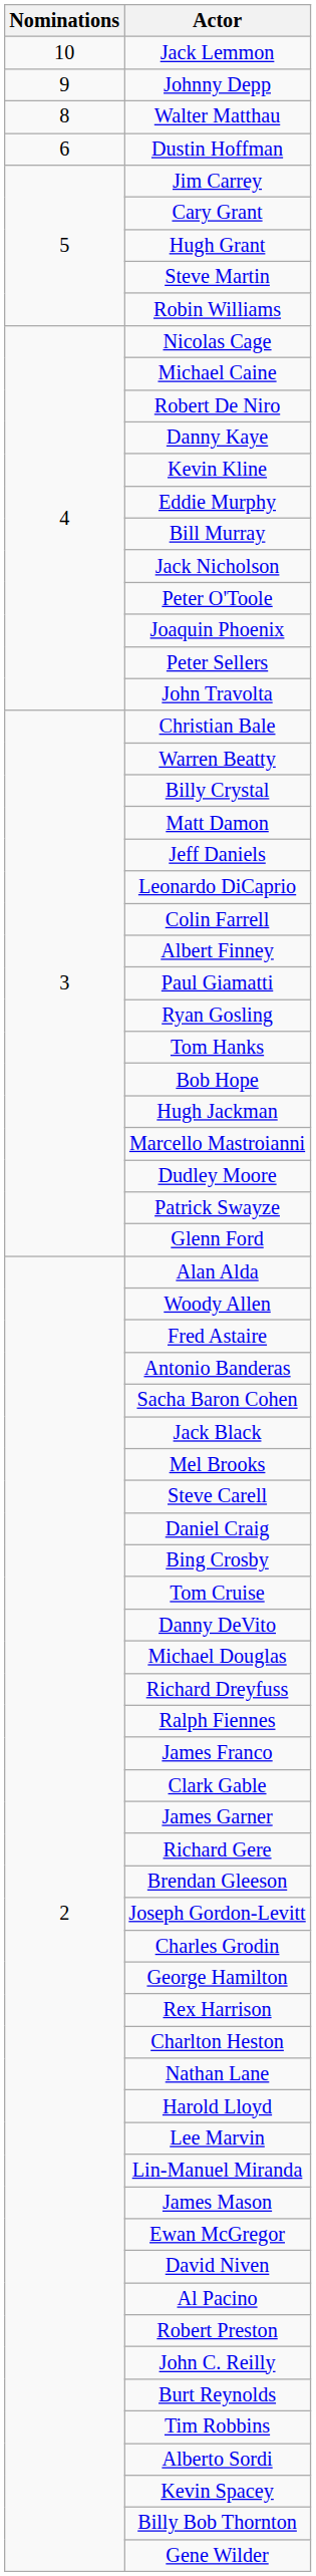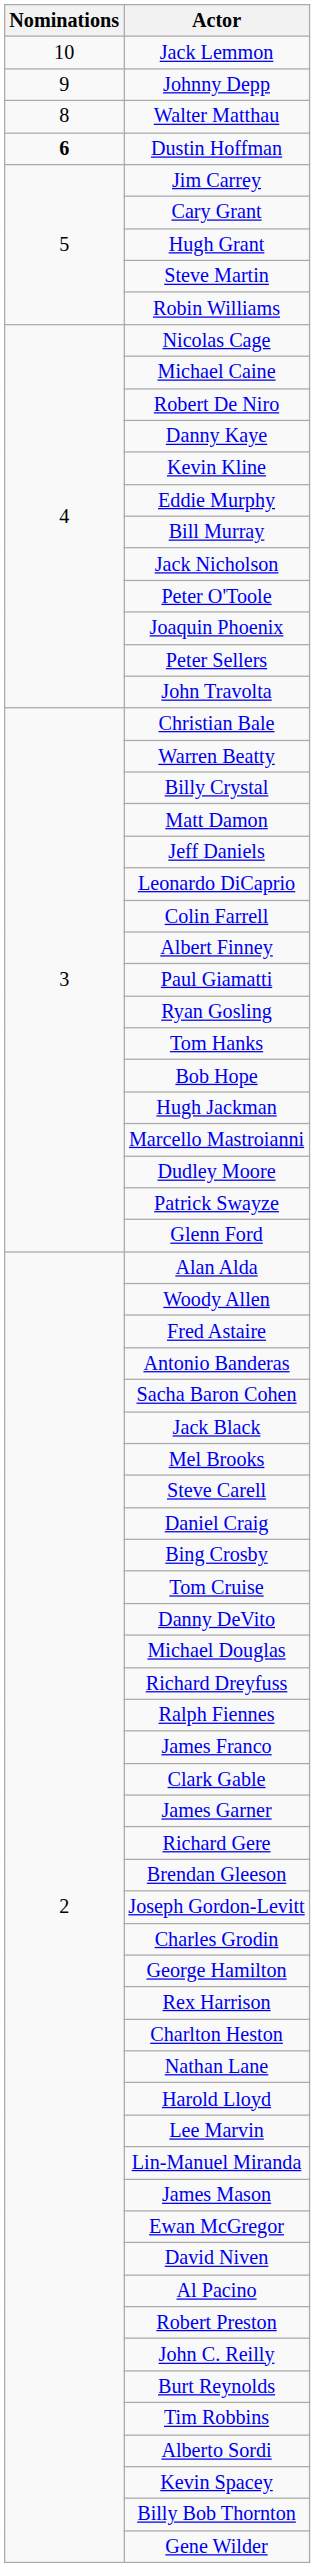 <table class="wikitable" style="text-align:center;">
 <tr>
 <th scope="col" width="79">Nominations</th>
 <th scope="col" align="center">Actor</th>
 </tr>
 <tr>
 <td rowspan=1 style="text-align:center;">10</td>
 <td><a href='#'>Jack Lemmon</a></td>
 </tr>
 <tr>
 <td rowspan=1 style="text-align:center;">9</td>
 <td><a href='#'>Johnny Depp</a></td>
 </tr>
 <tr>
 <td rowspan=1 style="text-align:center;">8</td>
 <td><a href='#'>Walter Matthau</a></td>
 </tr>
 <tr>
-<td rowspan=1 style="text-align:center;">6</td>
+<td rowspan=1 style="text-align:center;"><strong>6</strong></td>
 <td><a href='#'>Dustin Hoffman</a></td>
 </tr>
 <tr>
 <td rowspan=5 style="text-align:center;">5</td>
 <td><a href='#'>Jim Carrey</a></td>
 </tr>
 <tr>
 <td><a href='#'>Cary Grant</a></td>
 </tr>
 <tr>
 <td><a href='#'>Hugh Grant</a></td>
 </tr>
 <tr>
 <td><a href='#'>Steve Martin</a></td>
 </tr>
 <tr>
 <td><a href='#'>Robin Williams</a></td>
 </tr>
 <tr>
 <td rowspan=12 style="text-align:center;">4</td>
 <td><a href='#'>Nicolas Cage</a></td>
 </tr>
 <tr>
 <td><a href='#'>Michael Caine</a></td>
 </tr>
 <tr>
 <td><a href='#'>Robert De Niro</a></td>
 </tr>
 <tr>
 <td><a href='#'>Danny Kaye</a></td>
 </tr>
 <tr>
 <td><a href='#'>Kevin Kline</a></td>
 </tr>
 <tr>
 <td><a href='#'>Eddie Murphy</a></td>
 </tr>
 <tr>
 <td><a href='#'>Bill Murray</a></td>
 </tr>
 <tr>
 <td><a href='#'>Jack Nicholson</a></td>
 </tr>
 <tr>
 <td><a href='#'>Peter O'Toole</a></td>
 </tr>
 <tr>
 <td><a href='#'>Joaquin Phoenix</a></td>
 </tr>
 <tr>
 <td><a href='#'>Peter Sellers</a></td>
 </tr>
 <tr>
 <td><a href='#'>John Travolta</a></td>
 </tr>
 <tr>
 <td rowspan=17 style="text-align:center;">3</td>
 <td><a href='#'>Christian Bale</a></td>
 </tr>
 <tr>
 <td><a href='#'>Warren Beatty</a></td>
 </tr>
 <tr>
 <td><a href='#'>Billy Crystal</a></td>
 </tr>
 <tr>
 <td><a href='#'>Matt Damon</a></td>
 </tr>
 <tr>
 <td><a href='#'>Jeff Daniels</a></td>
 </tr>
 <tr>
 <td><a href='#'>Leonardo DiCaprio</a></td>
 </tr>
 <tr>
 <td><a href='#'>Colin Farrell</a></td>
 </tr>
 <tr>
 <td><a href='#'>Albert Finney</a></td>
 </tr>
 <tr>
 <td><a href='#'>Paul Giamatti</a></td>
 </tr>
 <tr>
 <td><a href='#'>Ryan Gosling</a></td>
 </tr>
 <tr>
 <td><a href='#'>Tom Hanks</a></td>
 </tr>
 <tr>
 <td><a href='#'>Bob Hope</a></td>
 </tr>
 <tr>
 <td><a href='#'>Hugh Jackman</a></td>
 </tr>
 <tr>
 <td><a href='#'>Marcello Mastroianni</a></td>
 </tr>
 <tr>
 <td><a href='#'>Dudley Moore</a></td>
 </tr>
 <tr>
 <td><a href='#'>Patrick Swayze</a></td>
 </tr>
 <tr>
 <td><a href='#'>Glenn Ford</a></td>
 </tr>
 <tr>
 <td rowspan=41 style="text-align:center;">2</td>
 <td><a href='#'>Alan Alda</a></td>
 </tr>
 <tr>
 <td><a href='#'>Woody Allen</a></td>
 </tr>
 <tr>
 <td><a href='#'>Fred Astaire</a></td>
 </tr>
 <tr>
 <td><a href='#'>Antonio Banderas</a></td>
 </tr>
 <tr>
 <td><a href='#'>Sacha Baron Cohen</a></td>
 </tr>
 <tr>
 <td><a href='#'>Jack Black</a></td>
 </tr>
 <tr>
 <td><a href='#'>Mel Brooks</a></td>
 </tr>
 <tr>
 <td><a href='#'>Steve Carell</a></td>
 </tr>
 <tr>
 <td><a href='#'>Daniel Craig</a></td>
 </tr>
 <tr>
 <td><a href='#'>Bing Crosby</a></td>
 </tr>
 <tr>
 <td><a href='#'>Tom Cruise</a></td>
 </tr>
 <tr>
 <td><a href='#'>Danny DeVito</a></td>
 </tr>
 <tr>
 <td><a href='#'>Michael Douglas</a></td>
 </tr>
 <tr>
 <td><a href='#'>Richard Dreyfuss</a></td>
 </tr>
 <tr>
 <td><a href='#'>Ralph Fiennes</a></td>
 </tr>
 <tr>
 <td><a href='#'>James Franco</a></td>
 </tr>
 <tr>
 <td><a href='#'>Clark Gable</a></td>
 </tr>
 <tr>
 <td><a href='#'>James Garner</a></td>
 </tr>
 <tr>
 <td><a href='#'>Richard Gere</a></td>
 </tr>
 <tr>
 <td><a href='#'>Brendan Gleeson</a></td>
 </tr>
 <tr>
 <td><a href='#'>Joseph Gordon-Levitt</a></td>
 </tr>
 <tr>
 <td><a href='#'>Charles Grodin</a></td>
 </tr>
 <tr>
 <td><a href='#'>George Hamilton</a></td>
 </tr>
 <tr>
 <td><a href='#'>Rex Harrison</a></td>
 </tr>
 <tr>
 <td><a href='#'>Charlton Heston</a></td>
 </tr>
 <tr>
 <td><a href='#'>Nathan Lane</a></td>
 </tr>
 <tr>
 <td><a href='#'>Harold Lloyd</a></td>
 </tr>
 <tr>
 <td><a href='#'>Lee Marvin</a></td>
 </tr>
 <tr>
 <td><a href='#'>Lin-Manuel Miranda</a></td>
 </tr>
 <tr>
 <td><a href='#'>James Mason</a></td>
 </tr>
 <tr>
 <td><a href='#'>Ewan McGregor</a></td>
 </tr>
 <tr>
 <td><a href='#'>David Niven</a></td>
 </tr>
 <tr>
 <td><a href='#'>Al Pacino</a></td>
 </tr>
 <tr>
 <td><a href='#'>Robert Preston</a></td>
 </tr>
 <tr>
 <td><a href='#'>John C. Reilly</a></td>
 </tr>
 <tr>
 <td><a href='#'>Burt Reynolds</a></td>
 </tr>
 <tr>
 <td><a href='#'>Tim Robbins</a></td>
 </tr>
 <tr>
 <td><a href='#'>Alberto Sordi</a></td>
 </tr>
 <tr>
 <td><a href='#'>Kevin Spacey</a></td>
 </tr>
 <tr>
 <td><a href='#'>Billy Bob Thornton</a></td>
 </tr>
 <tr>
 <td><a href='#'>Gene Wilder</a></td>
 </tr>
 </table>
